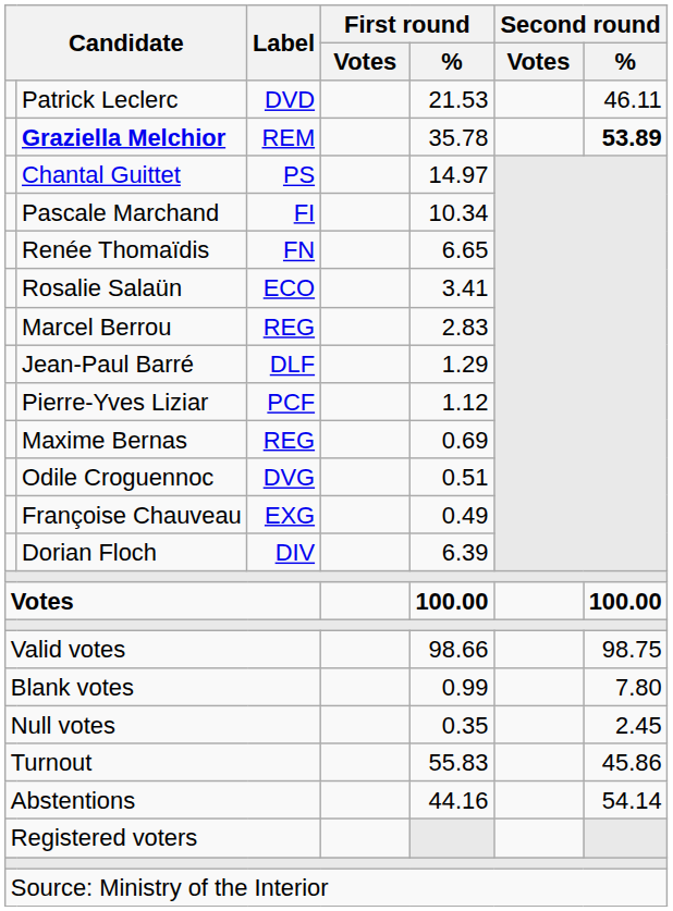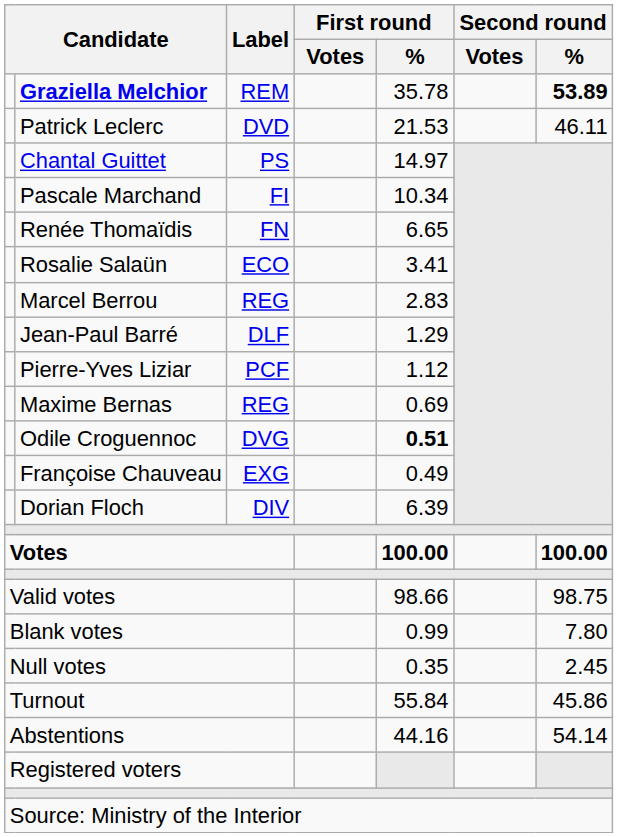 <table class="wikitable" style="text-align:right;font-size:95%;">
 <tr>
 <th rowspan="2" colspan="2">Candidate</th>
 <th rowspan="2">Label</th>
 <th colspan="2">First round</th>
 <th colspan="2">Second round</th>
 </tr>
 <tr>
 <th style="width:50px;">Votes</th>
 <th style="width:45px;">%</th>
 <th style="width:50px;">Votes</th>
 <th style="width:45px;">%</th>
 </tr>
 <tr>
 <td style="color:inherit;background:"></td>
+<td style="text-align:left;"><strong><a href='#'>Graziella Melchior</a></strong></td>
+<td><a href='#'>REM</a></td>
+<td></td>
+<td>35.78</td>
+<td><strong></strong></td>
+<td><strong>53.89</strong></td>
+</tr>
+<tr>
+<td style="color:inherit;background:"></td>
 <td style="text-align:left;">Patrick Leclerc</td>
 <td><a href='#'>DVD</a></td>
 <td></td>
 <td>21.53</td>
 <td></td>
 <td>46.11</td>
-</tr>
-<tr>
-<td style="color:inherit;background:"></td>
-<td style="text-align:left;"><strong><a href='#'>Graziella Melchior</a></strong></td>
-<td><a href='#'>REM</a></td>
-<td></td>
-<td>35.78</td>
-<td><strong></strong></td>
-<td><strong>53.89</strong></td>
 </tr>
 <tr>
 <td style="color:inherit;background:"></td>
 <td style="text-align:left;"><a href='#'>Chantal Guittet</a></td>
 <td><a href='#'>PS</a></td>
 <td></td>
 <td>14.97</td>
 <td colspan="2" rowspan="11" style="background:#E9E9E9;"></td>
 </tr>
 <tr>
 <td style="color:inherit;background:"></td>
 <td style="text-align:left;">Pascale Marchand</td>
 <td><a href='#'>FI</a></td>
 <td></td>
 <td>10.34</td>
 </tr>
 <tr>
 <td style="color:inherit;background:"></td>
 <td style="text-align:left;">Renée Thomaïdis</td>
 <td><a href='#'>FN</a></td>
 <td></td>
 <td>6.65</td>
 </tr>
 <tr>
 <td style="color:inherit;background:"></td>
 <td style="text-align:left;">Rosalie Salaün</td>
 <td><a href='#'>ECO</a></td>
 <td></td>
 <td>3.41</td>
 </tr>
 <tr>
 <td style="color:inherit;background:"></td>
 <td style="text-align:left;">Marcel Berrou</td>
 <td><a href='#'>REG</a></td>
 <td></td>
 <td>2.83</td>
 </tr>
 <tr>
 <td style="color:inherit;background:"></td>
 <td style="text-align:left;">Jean-Paul Barré</td>
 <td><a href='#'>DLF</a></td>
 <td></td>
 <td>1.29</td>
 </tr>
 <tr>
 <td style="color:inherit;background:"></td>
 <td style="text-align:left;">Pierre-Yves Liziar</td>
 <td><a href='#'>PCF</a></td>
 <td></td>
 <td>1.12</td>
 </tr>
 <tr>
 <td style="color:inherit;background:"></td>
 <td style="text-align:left;">Maxime Bernas</td>
 <td><a href='#'>REG</a></td>
 <td></td>
 <td>0.69</td>
 </tr>
 <tr>
 <td style="color:inherit;background:"></td>
 <td style="text-align:left;">Odile Croguennoc</td>
 <td><a href='#'>DVG</a></td>
 <td></td>
-<td>0.51</td>
+<td><strong>0.51</strong></td>
 </tr>
 <tr>
 <td style="color:inherit;background:"></td>
 <td style="text-align:left;">Françoise Chauveau</td>
 <td><a href='#'>EXG</a></td>
 <td></td>
 <td>0.49</td>
 </tr>
 <tr>
 <td style="color:inherit;background:"></td>
 <td style="text-align:left;">Dorian Floch</td>
 <td><a href='#'>DIV</a></td>
 <td></td>
 <td>6.39</td>
 </tr>
 <tr>
 <td colspan="7" style="background:#E9E9E9;"></td>
 </tr>
 <tr style="font-weight:bold;">
 <td colspan="3" style="text-align:left;">Votes</td>
 <td></td>
 <td>100.00</td>
 <td></td>
 <td>100.00</td>
 </tr>
 <tr>
 <td colspan="7" style="background:#E9E9E9;"></td>
 </tr>
 <tr>
 <td colspan="3" style="text-align:left;">Valid votes</td>
 <td></td>
 <td>98.66</td>
 <td></td>
 <td>98.75</td>
 </tr>
 <tr>
 <td colspan="3" style="text-align:left;">Blank votes</td>
 <td></td>
 <td>0.99</td>
 <td></td>
 <td>7.80</td>
 </tr>
 <tr>
 <td colspan="3" style="text-align:left;">Null votes</td>
 <td></td>
 <td>0.35</td>
 <td></td>
 <td>2.45</td>
 </tr>
 <tr>
 <td colspan="3" style="text-align:left;">Turnout</td>
 <td></td>
-<td>55.83</td>
+<td>55.84</td>
 <td></td>
 <td>45.86</td>
 </tr>
 <tr>
 <td colspan="3" style="text-align:left;">Abstentions</td>
 <td></td>
 <td>44.16</td>
 <td></td>
 <td>54.14</td>
 </tr>
 <tr>
 <td colspan="3" style="text-align:left;">Registered voters</td>
 <td></td>
 <td style="color:inherit;background:#E9E9E9;"></td>
 <td></td>
 <td style="color:inherit;background:#E9E9E9;"></td>
 </tr>
 <tr>
 <td colspan="7" style="background:#E9E9E9;"></td>
 </tr>
 <tr>
 <td colspan="7" style="text-align:left;">Source: Ministry of the Interior</td>
 </tr>
 </table>
